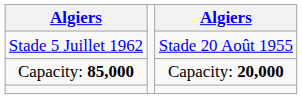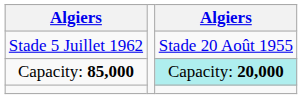 <table class="wikitable" style="margin: 1em auto; text-align:center">
 <tr>
 <th><a href='#'>Algiers</a></th>
 <td rowspan="4"></td>
 <th><a href='#'>Algiers</a></th>
 </tr>
 <tr>
 <td><a href='#'>Stade 5 Juillet 1962</a></td>
 <td><a href='#'>Stade 20 Août 1955</a></td>
 </tr>
 <tr>
 <td>Capacity: <strong>85,000</strong></td>
-<td>Capacity: <strong>20,000</strong></td>
+<td style="background: paleturquoise;">Capacity: <strong>20,000</strong></td>
 </tr>
 <tr>
 <td></td>
 <td></td>
 </tr>
 </table>
